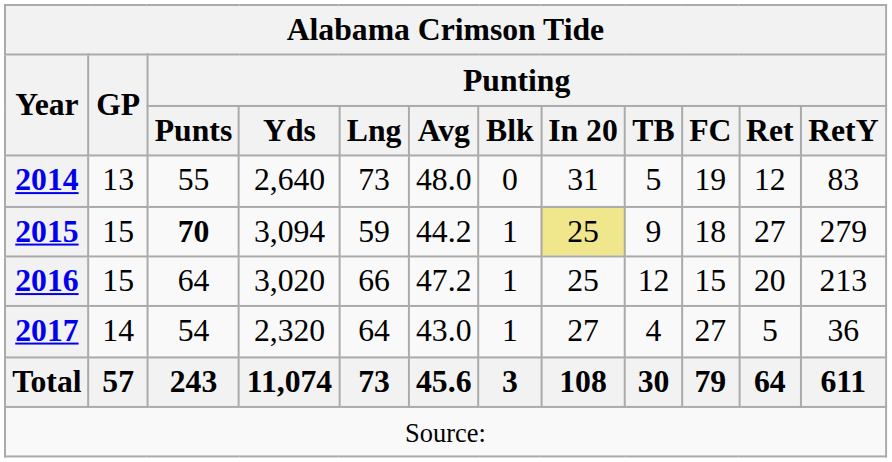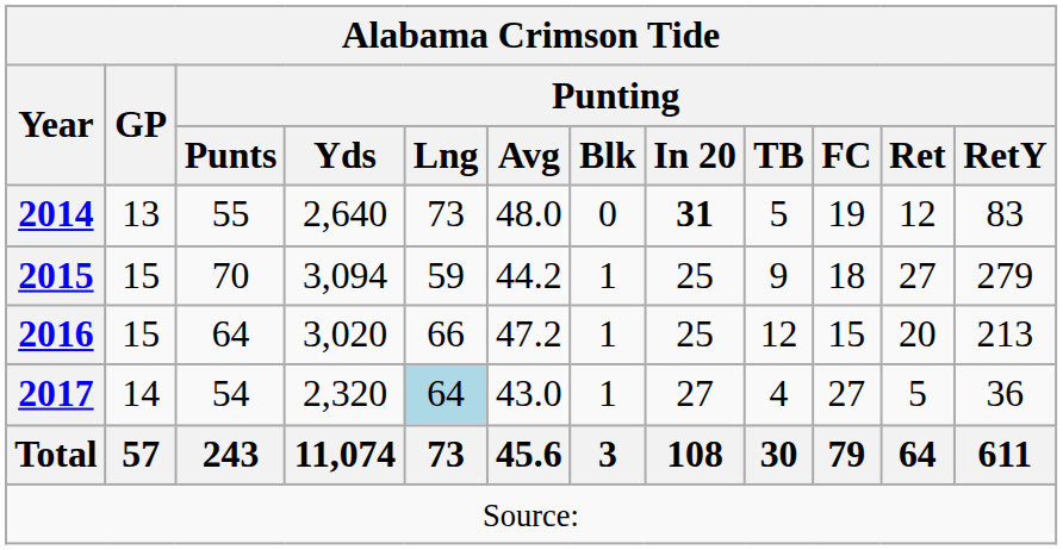 <table class="wikitable" style="text-align: center;">
 <tr>
 <th colspan="12"><strong>Alabama Crimson Tide</strong></th>
 </tr>
 <tr>
 <th rowspan="2">Year</th>
 <th rowspan="2">GP</th>
 <th colspan="15">Punting</th>
 </tr>
 <tr>
 <th>Punts</th>
 <th>Yds</th>
 <th>Lng</th>
 <th>Avg</th>
 <th>Blk</th>
 <th>In 20</th>
 <th>TB</th>
 <th>FC</th>
 <th>Ret</th>
 <th>RetY</th>
 </tr>
 <tr>
 <th><a href='#'>2014</a></th>
 <td>13</td>
 <td>55</td>
 <td>2,640</td>
 <td>73</td>
 <td>48.0</td>
 <td>0</td>
-<td>31</td>
+<td><strong>31</strong></td>
 <td>5</td>
 <td>19</td>
 <td>12</td>
 <td>83</td>
 </tr>
 <tr>
 <th><a href='#'>2015</a></th>
 <td>15</td>
-<td><strong>70</strong></td>
+<td>70</td>
 <td>3,094</td>
 <td>59</td>
 <td>44.2</td>
 <td>1</td>
-<td style="background: khaki;">25</td>
+<td>25</td>
 <td>9</td>
 <td>18</td>
 <td>27</td>
 <td>279</td>
 </tr>
 <tr>
 <th><a href='#'>2016</a></th>
 <td>15</td>
 <td>64</td>
 <td>3,020</td>
 <td>66</td>
 <td>47.2</td>
 <td>1</td>
 <td>25</td>
 <td>12</td>
 <td>15</td>
 <td>20</td>
 <td>213</td>
 </tr>
 <tr>
 <th><a href='#'>2017</a></th>
 <td>14</td>
 <td>54</td>
 <td>2,320</td>
-<td>64</td>
+<td style="background: lightblue;">64</td>
 <td>43.0</td>
 <td>1</td>
 <td>27</td>
 <td>4</td>
 <td>27</td>
 <td>5</td>
 <td>36</td>
 </tr>
 <tr>
 <th>Total</th>
 <th>57</th>
 <th>243</th>
 <th>11,074</th>
 <th>73</th>
 <th>45.6</th>
 <th>3</th>
 <th>108</th>
 <th>30</th>
 <th>79</th>
 <th>64</th>
 <th>611</th>
 </tr>
 <tr>
 <td colspan="12"><small>Source: </small></td>
 </tr>
 </table>
